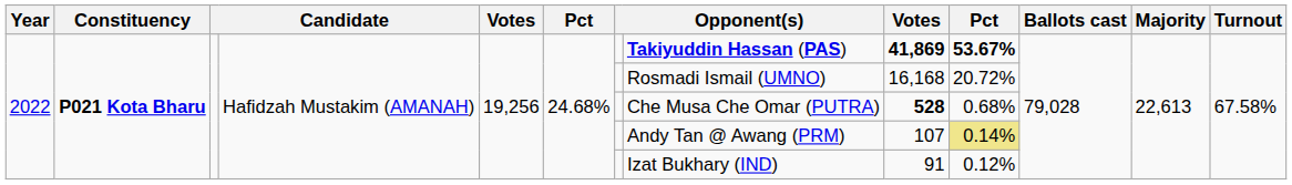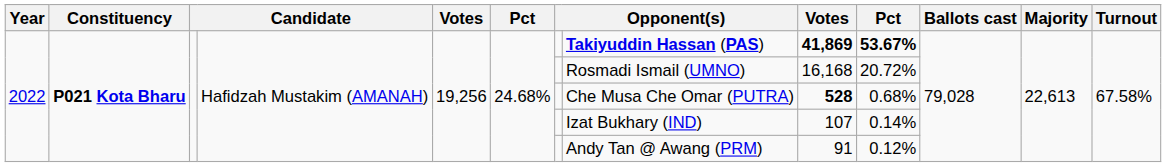 <table class="wikitable" style="margin:0.5em ; font-size:95%">
 <tr>
 <th>Year</th>
 <th>Constituency</th>
 <th colspan=2>Candidate</th>
 <th>Votes</th>
 <th>Pct</th>
 <th colspan=2>Opponent(s)</th>
 <th>Votes</th>
 <th>Pct</th>
 <th>Ballots cast</th>
 <th>Majority</th>
 <th>Turnout</th>
 </tr>
 <tr>
 <td rowspan=5><a href='#'>2022</a></td>
 <td rowspan=5><strong>P021 <a href='#'>Kota Bharu</a></strong></td>
 <td rowspan=5 ></td>
 <td rowspan=5>Hafidzah Mustakim (<a href='#'>AMANAH</a>)</td>
 <td rowspan=5 align="right">19,256</td>
 <td rowspan=5>24.68%</td>
 <td></td>
 <td><strong><a href='#'>Takiyuddin Hassan</a></strong> (<strong><a href='#'>PAS</a></strong>)</td>
 <td align="right"><strong>41,869</strong></td>
 <td><strong>53.67%</strong></td>
 <td rowspan=5>79,028</td>
 <td rowspan=5>22,613</td>
 <td rowspan=5>67.58%</td>
 </tr>
 <tr>
 <td></td>
 <td>Rosmadi Ismail (<a href='#'>UMNO</a>)</td>
 <td align="right">16,168</td>
 <td>20.72%</td>
 </tr>
 <tr>
 <td></td>
 <td>Che Musa Che Omar (<a href='#'>PUTRA</a>)</td>
 <td align="right"><strong>528</strong></td>
 <td align=right>0.68%</td>
 </tr>
 <tr>
 <td bgcolor=></td>
-<td>Andy Tan @ Awang (<a href='#'>PRM</a>)</td>
+<td>Izat Bukhary (<a href='#'>IND</a>)</td>
 <td align="right">107</td>
-<td align=right style="background: khaki;">0.14%</td>
+<td align=right>0.14%</td>
 </tr>
 <tr>
 <td></td>
-<td>Izat Bukhary (<a href='#'>IND</a>)</td>
+<td>Andy Tan @ Awang (<a href='#'>PRM</a>)</td>
 <td align="right">91</td>
 <td align=right>0.12%</td>
 </tr>
 </table>
